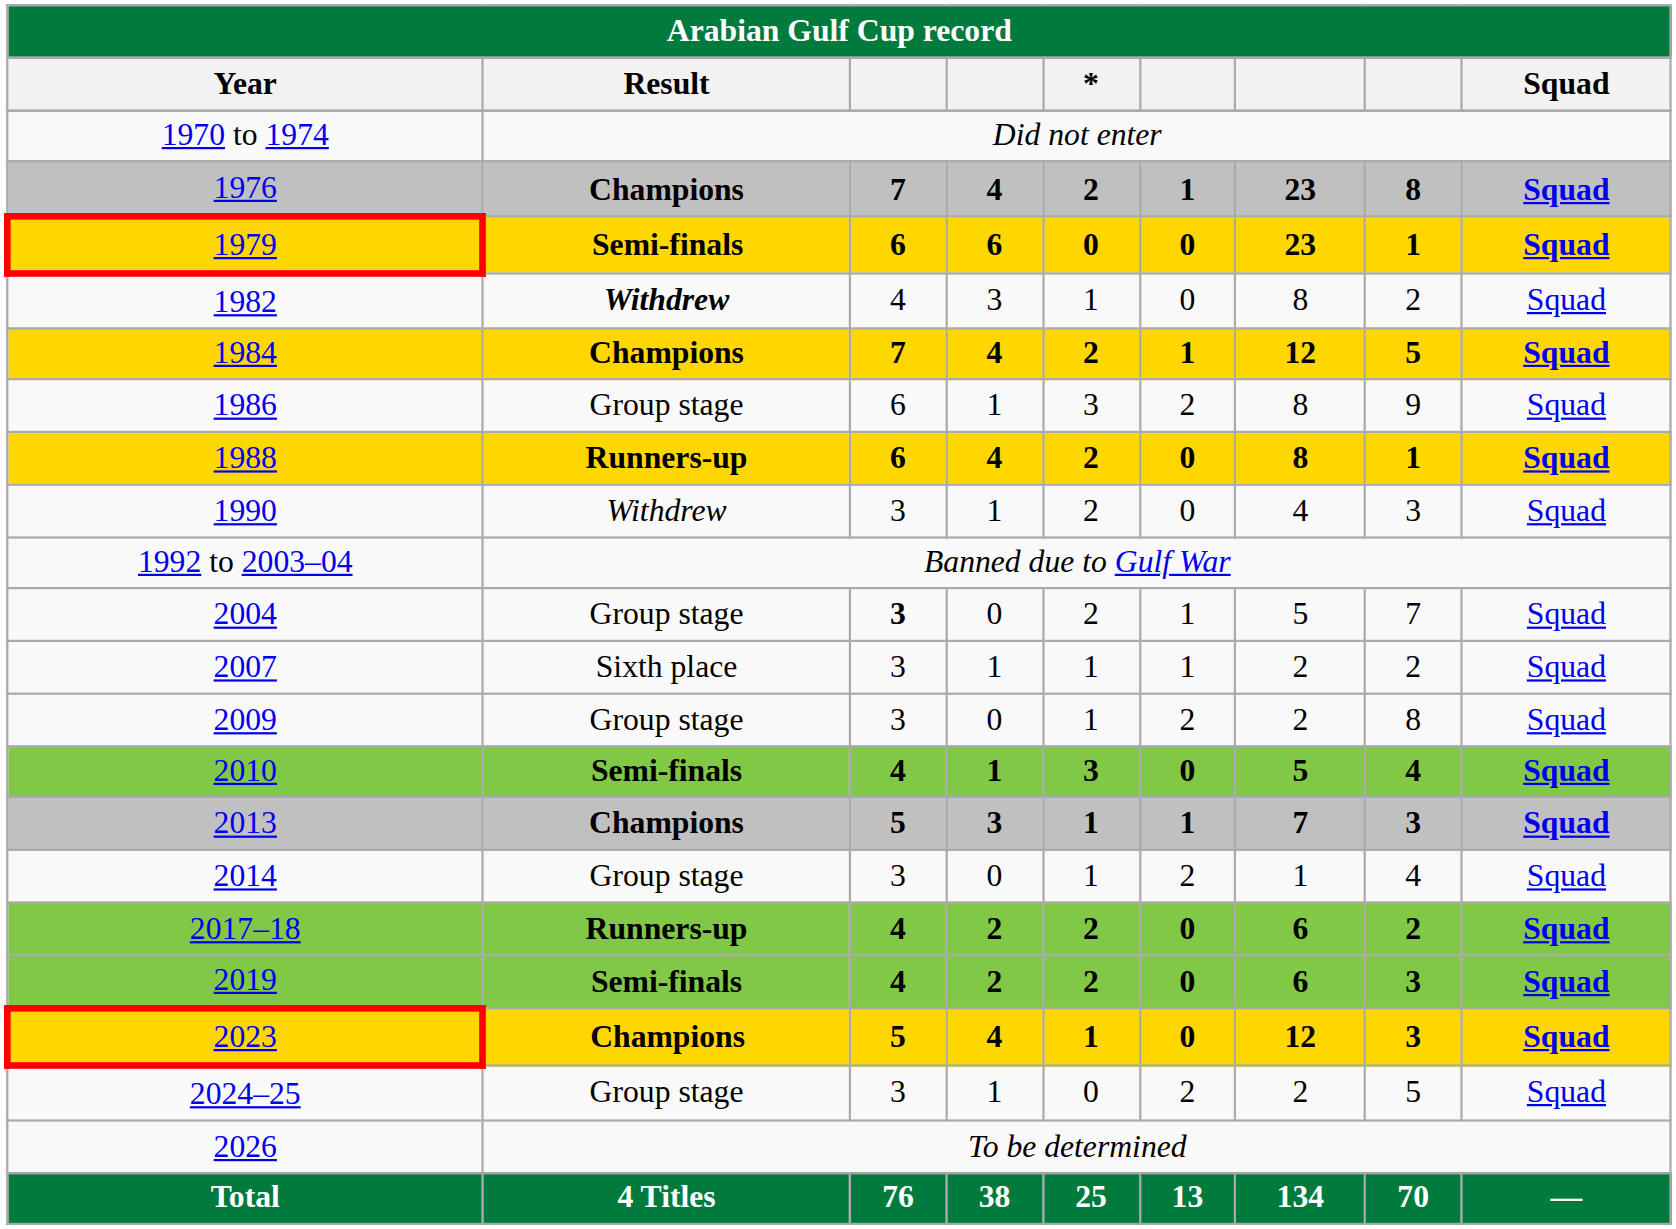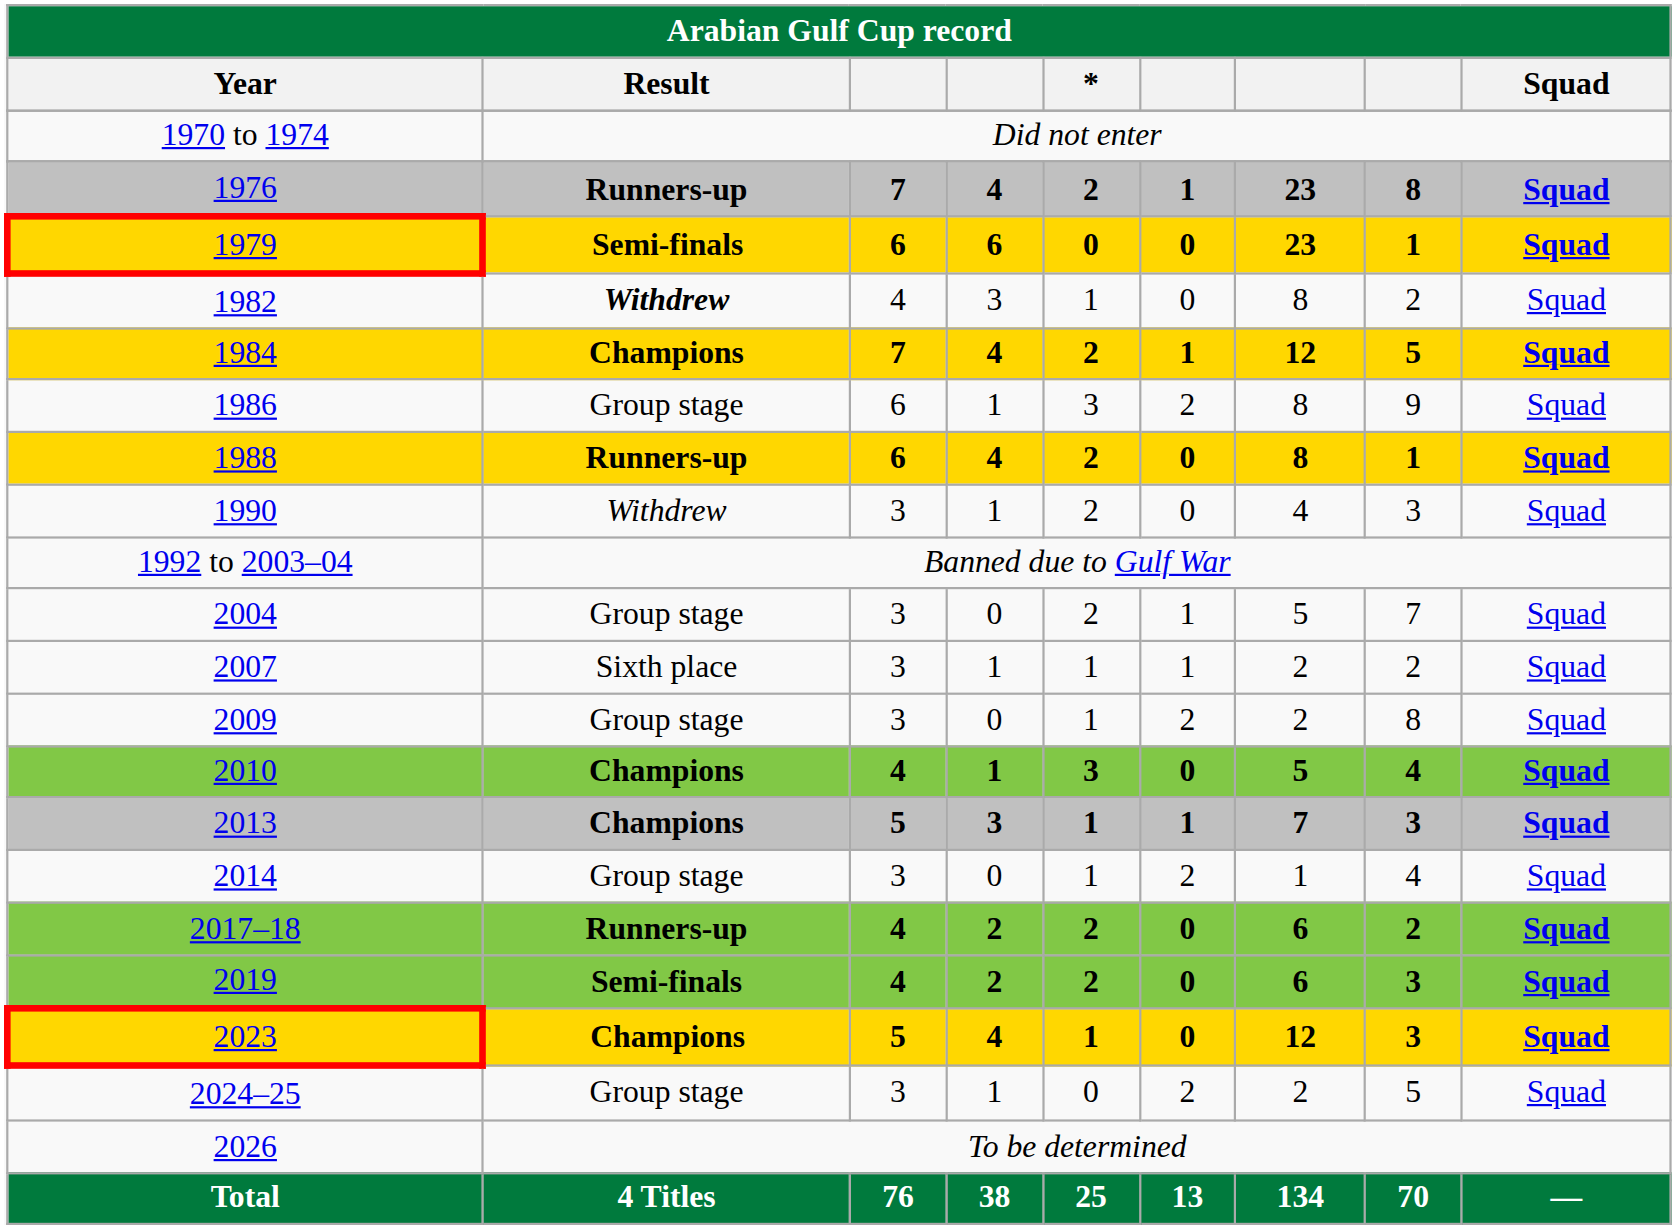 <table class="wikitable collapsed" style="font-size:90%; text-align:center;" width="60%">
 <tr>
 <th colspan=9 style="background: #007A3D; color: #FFFFFF;">Arabian Gulf Cup record</th>
 </tr>
 <tr>
 <th>Year</th>
 <th>Result</th>
 <th></th>
 <th></th>
 <th>*</th>
 <th></th>
 <th></th>
 <th></th>
 <th>Squad</th>
 </tr>
 <tr>
 </tr>
 <tr>
 <td> <a href='#'>1970</a> to  <a href='#'>1974</a></td>
 <td colspan=8><em>Did not enter</em></td>
 </tr>
 <tr>
 </tr>
 <tr bgcolor=silver>
 <td> <a href='#'>1976</a></td>
-<td><strong>Champions</strong></td>
+<td><strong>Runners-up</strong></td>
 <td><strong>7</strong></td>
 <td><strong>4</strong></td>
 <td><strong>2</strong></td>
 <td><strong>1</strong></td>
 <td><strong>23</strong></td>
 <td><strong>8</strong></td>
 <td><strong><a href='#'>Squad</a></strong></td>
 </tr>
 <tr bgcolor=gold>
 <td style="border: 3px solid red"> <a href='#'>1979</a></td>
 <td><strong>Semi-finals</strong></td>
 <td><strong>6</strong></td>
 <td><strong>6</strong></td>
 <td><strong>0</strong></td>
 <td><strong>0</strong></td>
 <td><strong>23</strong></td>
 <td><strong>1</strong></td>
 <td><strong><a href='#'>Squad</a></strong></td>
 </tr>
 <tr>
 <td> <a href='#'>1982</a></td>
 <td><strong><em>Withdrew</em></strong></td>
 <td>4</td>
 <td>3</td>
 <td>1</td>
 <td>0</td>
 <td>8</td>
 <td>2</td>
 <td><a href='#'>Squad</a></td>
 </tr>
 <tr bgcolor=gold>
 <td> <a href='#'>1984</a></td>
 <td><strong>Champions</strong></td>
 <td><strong>7</strong></td>
 <td><strong>4</strong></td>
 <td><strong>2</strong></td>
 <td><strong>1</strong></td>
 <td><strong>12</strong></td>
 <td><strong>5</strong></td>
 <td><strong><a href='#'>Squad</a></strong></td>
 </tr>
 <tr>
 <td> <a href='#'>1986</a></td>
 <td>Group stage</td>
 <td>6</td>
 <td>1</td>
 <td>3</td>
 <td>2</td>
 <td>8</td>
 <td>9</td>
 <td><a href='#'>Squad</a></td>
 </tr>
 <tr bgcolor=gold>
 <td> <a href='#'>1988</a></td>
 <td><strong>Runners-up</strong></td>
 <td><strong>6</strong></td>
 <td><strong>4</strong></td>
 <td><strong>2</strong></td>
 <td><strong>0</strong></td>
 <td><strong>8</strong></td>
 <td><strong>1</strong></td>
 <td><strong><a href='#'>Squad</a></strong></td>
 </tr>
 <tr>
 <td> <a href='#'>1990</a></td>
 <td><em>Withdrew</em></td>
 <td>3</td>
 <td>1</td>
 <td>2</td>
 <td>0</td>
 <td>4</td>
 <td>3</td>
 <td><a href='#'>Squad</a></td>
 </tr>
 <tr>
 <td> <a href='#'>1992</a> to  <a href='#'>2003–04</a></td>
 <td colspan=9><em>Banned due to <a href='#'>Gulf War</a></em></td>
 </tr>
 <tr>
 <td> <a href='#'>2004</a></td>
 <td>Group stage</td>
-<td><strong>3</strong></td>
+<td>3</td>
 <td>0</td>
 <td>2</td>
 <td>1</td>
 <td>5</td>
 <td>7</td>
 <td><a href='#'>Squad</a></td>
 </tr>
 <tr>
 <td> <a href='#'>2007</a></td>
 <td>Sixth place</td>
 <td>3</td>
 <td>1</td>
 <td>1</td>
 <td>1</td>
 <td>2</td>
 <td>2</td>
 <td><a href='#'>Squad</a></td>
 </tr>
 <tr>
 <td> <a href='#'>2009</a></td>
 <td>Group stage</td>
 <td>3</td>
 <td>0</td>
 <td>1</td>
 <td>2</td>
 <td>2</td>
 <td>8</td>
 <td><a href='#'>Squad</a></td>
 </tr>
 <tr style="background:#81c846;">
 <td> <a href='#'>2010</a></td>
-<td><strong>Semi-finals</strong></td>
+<td><strong>Champions</strong></td>
 <td><strong>4</strong></td>
 <td><strong>1</strong></td>
 <td><strong>3</strong></td>
 <td><strong>0</strong></td>
 <td><strong>5</strong></td>
 <td><strong>4</strong></td>
 <td><strong><a href='#'>Squad</a></strong></td>
 </tr>
 <tr bgcolor=silver>
 <td> <a href='#'>2013</a></td>
 <td><strong>Champions</strong></td>
 <td><strong>5</strong></td>
 <td><strong>3</strong></td>
 <td><strong>1</strong></td>
 <td><strong>1</strong></td>
 <td><strong>7</strong></td>
 <td><strong>3</strong></td>
 <td><strong><a href='#'>Squad</a></strong></td>
 </tr>
 <tr>
 <td> <a href='#'>2014</a></td>
 <td>Group stage</td>
 <td>3</td>
 <td>0</td>
 <td>1</td>
 <td>2</td>
 <td>1</td>
 <td>4</td>
 <td><a href='#'>Squad</a></td>
 </tr>
 <tr style="background:#81c846;">
 <td> <a href='#'>2017–18</a></td>
 <td><strong>Runners-up</strong></td>
 <td><strong>4</strong></td>
 <td><strong>2</strong></td>
 <td><strong>2</strong></td>
 <td><strong>0</strong></td>
 <td><strong>6</strong></td>
 <td><strong>2</strong></td>
 <td><strong><a href='#'>Squad</a></strong></td>
 </tr>
 <tr style="background:#81c846;">
 <td> <a href='#'>2019</a></td>
 <td><strong>Semi-finals</strong></td>
 <td><strong>4</strong></td>
 <td><strong>2</strong></td>
 <td><strong>2</strong></td>
 <td><strong>0</strong></td>
 <td><strong>6</strong></td>
 <td><strong>3</strong></td>
 <td><strong><a href='#'>Squad</a></strong></td>
 </tr>
 <tr bgcolor=gold>
 <td style="border: 3px solid red"> <a href='#'>2023</a></td>
 <td><strong>Champions</strong></td>
 <td><strong>5</strong></td>
 <td><strong>4</strong></td>
 <td><strong>1</strong></td>
 <td><strong>0</strong></td>
 <td><strong>12</strong></td>
 <td><strong>3</strong></td>
 <td><a href='#'><strong>Squad</strong></a></td>
 </tr>
 <tr>
 <td> <a href='#'>2024–25</a></td>
 <td>Group stage</td>
 <td>3</td>
 <td>1</td>
 <td>0</td>
 <td>2</td>
 <td>2</td>
 <td>5</td>
 <td><a href='#'>Squad</a></td>
 </tr>
 <tr>
 <td> <a href='#'>2026</a></td>
 <td colspan="8"><em>To be determined</em></td>
 </tr>
 <tr>
 <th style="background: #007A3D; color: #FFFFFF;">Total</th>
 <th style="background: #007A3D; color: #FFFFFF;">4 Titles</th>
 <th style="background: #007A3D; color: #FFFFFF;">76</th>
 <th style="background: #007A3D; color: #FFFFFF;">38</th>
 <th style="background: #007A3D; color: #FFFFFF;">25</th>
 <th style="background: #007A3D; color: #FFFFFF;">13</th>
 <th style="background: #007A3D; color: #FFFFFF;">134</th>
 <th style="background: #007A3D; color: #FFFFFF;">70</th>
 <th style="background: #007A3D; color: #FFFFFF;">—</th>
 </tr>
 </table>
